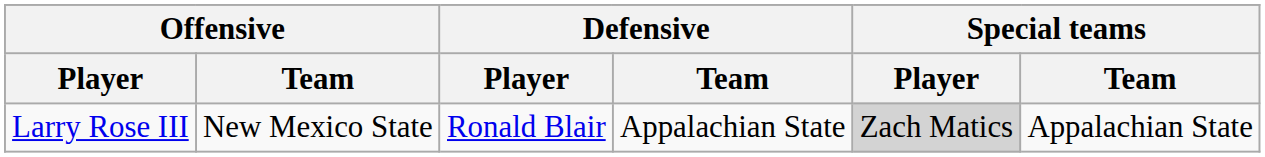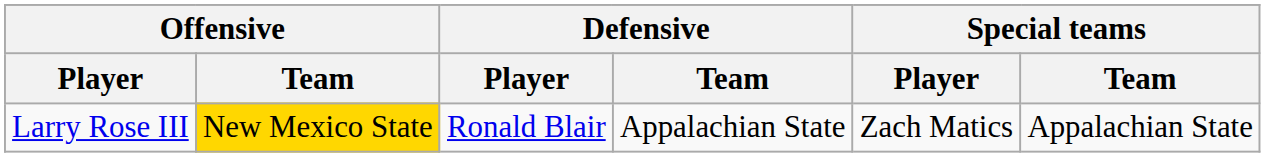 <table class="wikitable">
 <tr>
 <th colspan="2">Offensive</th>
 <th colspan="2">Defensive</th>
 <th colspan="2">Special teams</th>
 </tr>
 <tr>
 <th>Player</th>
 <th>Team</th>
 <th>Player</th>
 <th>Team</th>
 <th>Player</th>
 <th>Team</th>
 </tr>
 <tr>
 <td><a href='#'>Larry Rose III</a></td>
-<td>New Mexico State</td>
+<td style="background: gold;">New Mexico State</td>
 <td><a href='#'>Ronald Blair</a></td>
 <td>Appalachian State</td>
-<td style="background: lightgrey;">Zach Matics</td>
+<td>Zach Matics</td>
 <td>Appalachian State</td>
 </tr>
 </table>
